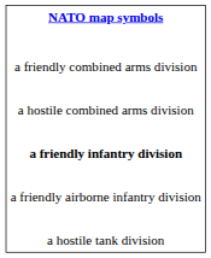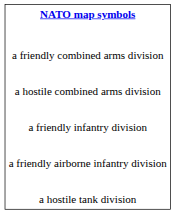 <table class="floatright" style="border:1px solid black; background:white;float: right;text-align: center" cellpadding="3">
 <tr>
 <th><a href='#'>NATO map symbols</a></th>
 </tr>
 <tr>
 <td></td>
 </tr>
 <tr>
 <td><br></td>
 </tr>
 <tr>
 <td>a friendly combined arms division</td>
 </tr>
 <tr>
 <td><br></td>
 </tr>
 <tr>
 <td>a hostile combined arms division</td>
 </tr>
 <tr>
 <td><br></td>
 </tr>
 <tr>
-<td><strong>a friendly infantry division</strong></td>
+<td>a friendly infantry division</td>
 </tr>
 <tr>
 <td><br></td>
 </tr>
 <tr>
 <td>a friendly airborne infantry division</td>
 </tr>
 <tr>
 <td><br></td>
 </tr>
 <tr>
 <td>a hostile tank division</td>
 </tr>
 </table>
